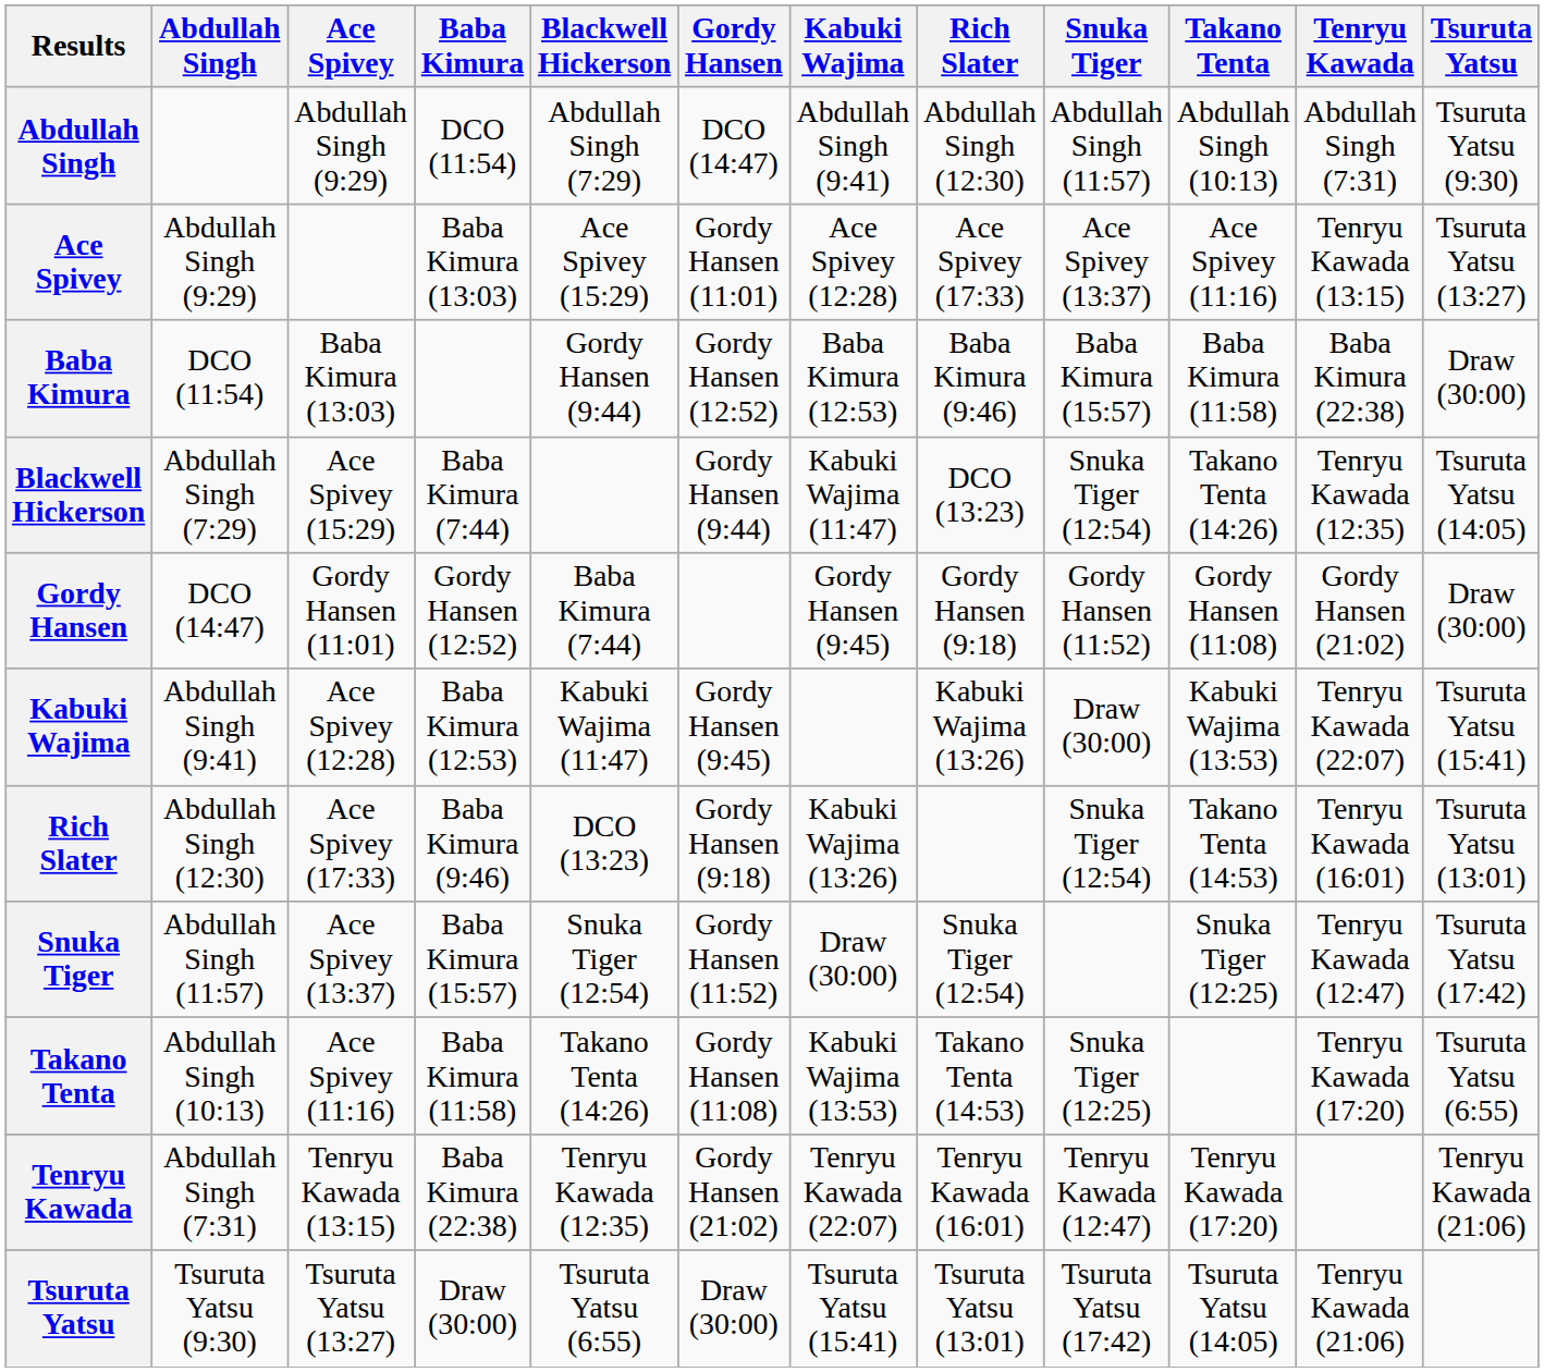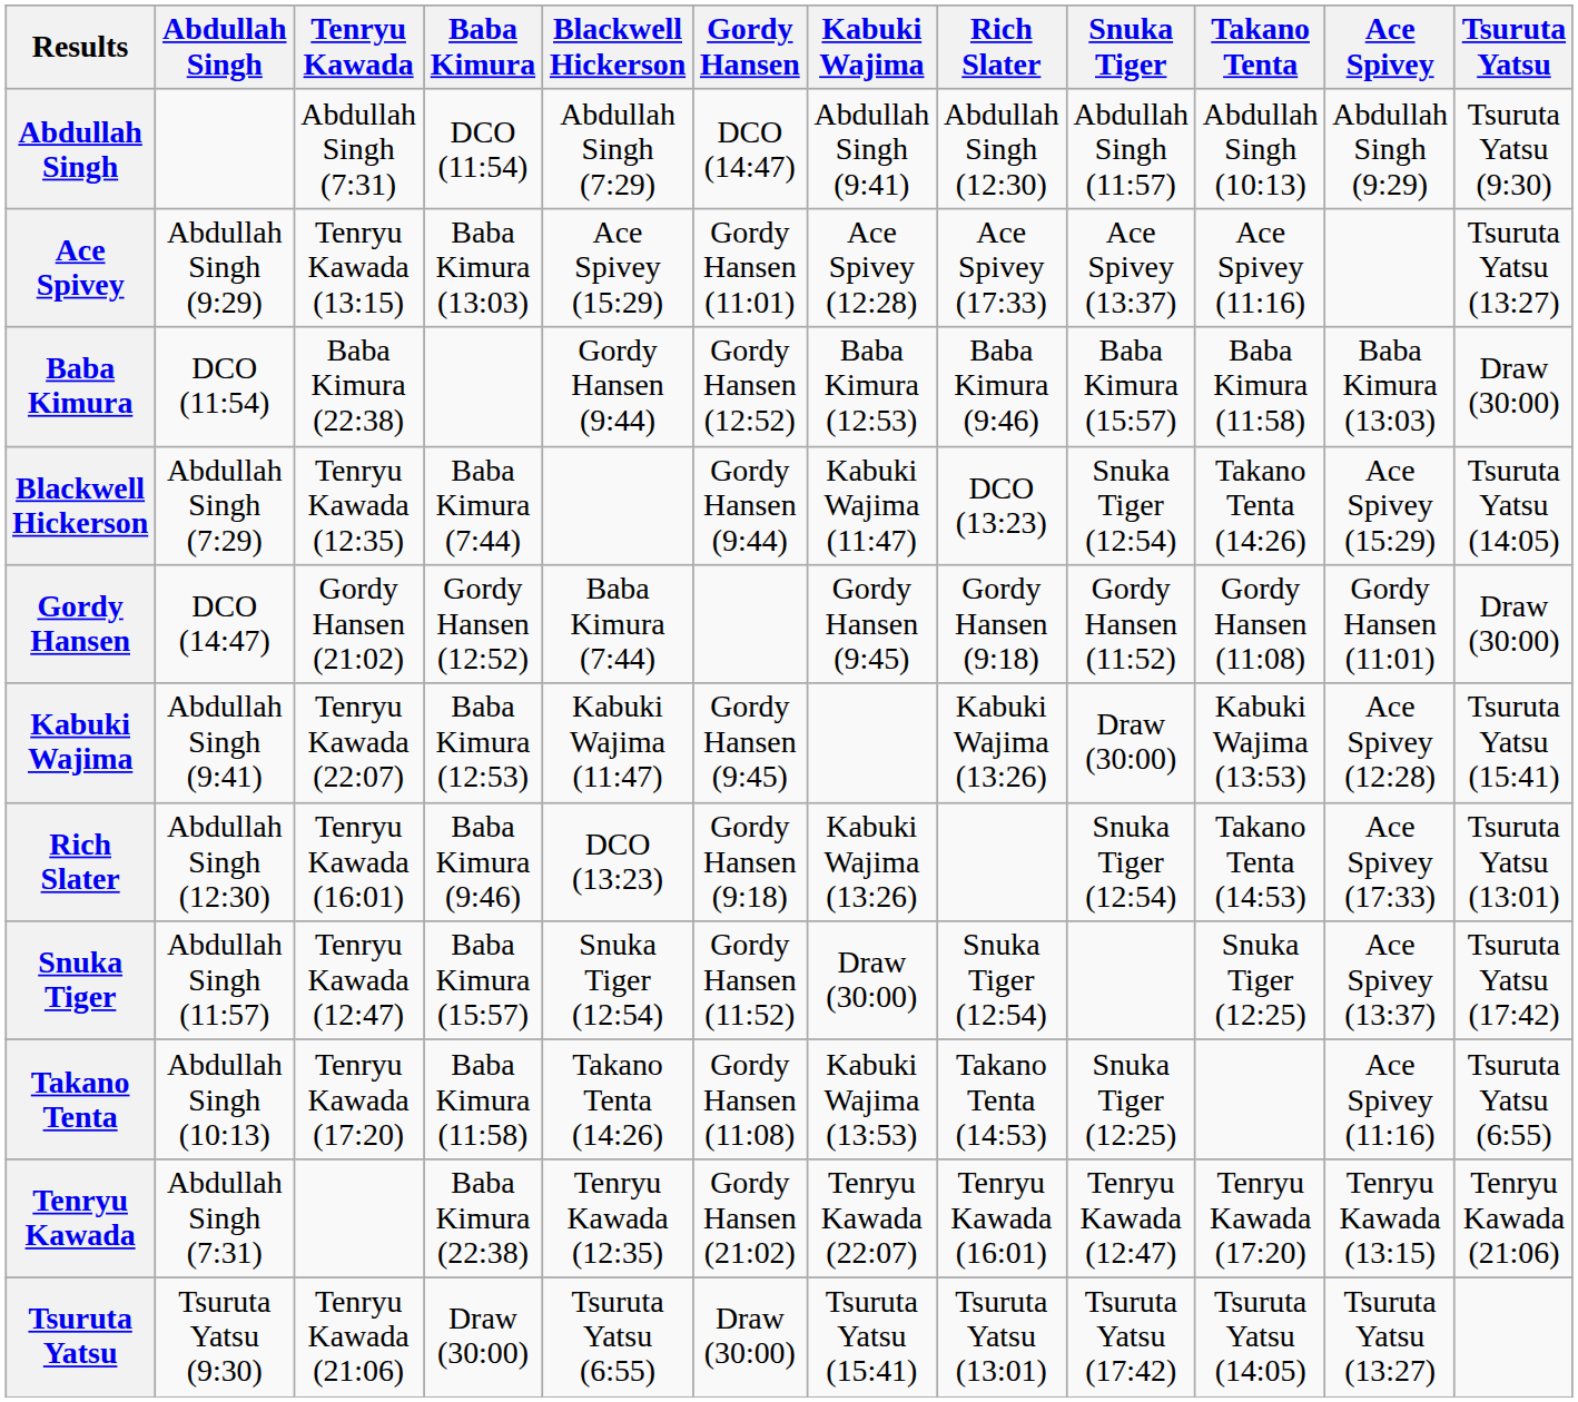 <table class="wikitable" style="text-align:center; margin: 1em auto 1em auto">
 <tr>
 <th>Results</th>
 <th><a href='#'>Abdullah</a><br><a href='#'>Singh</a></th>
-<th><a href='#'>Ace</a><br><a href='#'>Spivey</a></th>
+<th><a href='#'>Tenryu</a><br><a href='#'>Kawada</a></th>
 <th><a href='#'>Baba</a><br><a href='#'>Kimura</a></th>
 <th><a href='#'>Blackwell</a><br><a href='#'>Hickerson</a></th>
 <th><a href='#'>Gordy</a><br><a href='#'>Hansen</a></th>
 <th><a href='#'>Kabuki</a><br><a href='#'>Wajima</a></th>
 <th><a href='#'>Rich</a><br><a href='#'>Slater</a></th>
 <th><a href='#'>Snuka</a><br><a href='#'>Tiger</a></th>
 <th><a href='#'>Takano</a><br><a href='#'>Tenta</a></th>
-<th><a href='#'>Tenryu</a><br><a href='#'>Kawada</a></th>
+<th><a href='#'>Ace</a><br><a href='#'>Spivey</a></th>
 <th><a href='#'>Tsuruta</a><br><a href='#'>Yatsu</a></th>
 </tr>
 <tr>
 <th><a href='#'>Abdullah</a><br><a href='#'>Singh</a></th>
 <td></td>
-<td>Abdullah<br>Singh<br>(9:29)</td>
+<td>Abdullah<br>Singh<br>(7:31)</td>
 <td>DCO<br>(11:54)</td>
 <td>Abdullah<br>Singh<br>(7:29)</td>
 <td>DCO<br>(14:47)</td>
 <td>Abdullah<br>Singh<br>(9:41)</td>
 <td>Abdullah<br>Singh<br>(12:30)</td>
 <td>Abdullah<br>Singh<br>(11:57)</td>
 <td>Abdullah<br>Singh<br>(10:13)</td>
-<td>Abdullah<br>Singh<br>(7:31)</td>
+<td>Abdullah<br>Singh<br>(9:29)</td>
 <td>Tsuruta<br>Yatsu<br>(9:30)</td>
 </tr>
 <tr>
 <th><a href='#'>Ace</a><br><a href='#'>Spivey</a></th>
 <td>Abdullah<br>Singh<br>(9:29)</td>
-<td></td>
+<td>Tenryu<br>Kawada<br>(13:15)</td>
 <td>Baba<br>Kimura<br>(13:03)</td>
 <td>Ace<br>Spivey<br>(15:29)</td>
 <td>Gordy<br>Hansen<br>(11:01)</td>
 <td>Ace<br>Spivey<br>(12:28)</td>
 <td>Ace<br>Spivey<br>(17:33)</td>
 <td>Ace<br>Spivey<br>(13:37)</td>
 <td>Ace<br>Spivey<br>(11:16)</td>
-<td>Tenryu<br>Kawada<br>(13:15)</td>
+<td></td>
 <td>Tsuruta<br>Yatsu<br>(13:27)</td>
 </tr>
 <tr>
 <th><a href='#'>Baba</a><br><a href='#'>Kimura</a></th>
 <td>DCO<br>(11:54)</td>
-<td>Baba<br>Kimura<br>(13:03)</td>
+<td>Baba<br>Kimura<br>(22:38)</td>
 <td></td>
 <td>Gordy<br>Hansen<br>(9:44)</td>
 <td>Gordy<br>Hansen<br>(12:52)</td>
 <td>Baba<br>Kimura<br>(12:53)</td>
 <td>Baba<br>Kimura<br>(9:46)</td>
 <td>Baba<br>Kimura<br>(15:57)</td>
 <td>Baba<br>Kimura<br>(11:58)</td>
-<td>Baba<br>Kimura<br>(22:38)</td>
+<td>Baba<br>Kimura<br>(13:03)</td>
 <td>Draw<br>(30:00)</td>
 </tr>
 <tr>
 <th><a href='#'>Blackwell</a><br><a href='#'>Hickerson</a></th>
 <td>Abdullah<br>Singh<br>(7:29)</td>
-<td>Ace<br>Spivey<br>(15:29)</td>
+<td>Tenryu<br>Kawada<br>(12:35)</td>
 <td>Baba<br>Kimura<br>(7:44)</td>
 <td></td>
 <td>Gordy<br>Hansen<br>(9:44)</td>
 <td>Kabuki<br>Wajima<br>(11:47)</td>
 <td>DCO<br>(13:23)</td>
 <td>Snuka<br>Tiger<br>(12:54)</td>
 <td>Takano<br>Tenta<br>(14:26)</td>
-<td>Tenryu<br>Kawada<br>(12:35)</td>
+<td>Ace<br>Spivey<br>(15:29)</td>
 <td>Tsuruta<br>Yatsu<br>(14:05)</td>
 </tr>
 <tr>
 <th><a href='#'>Gordy</a><br><a href='#'>Hansen</a></th>
 <td>DCO<br>(14:47)</td>
-<td>Gordy<br>Hansen<br>(11:01)</td>
+<td>Gordy<br>Hansen<br>(21:02)</td>
 <td>Gordy<br>Hansen<br>(12:52)</td>
 <td>Baba<br>Kimura<br>(7:44)</td>
 <td></td>
 <td>Gordy<br>Hansen<br>(9:45)</td>
 <td>Gordy<br>Hansen<br>(9:18)</td>
 <td>Gordy<br>Hansen<br>(11:52)</td>
 <td>Gordy<br>Hansen<br>(11:08)</td>
-<td>Gordy<br>Hansen<br>(21:02)</td>
+<td>Gordy<br>Hansen<br>(11:01)</td>
 <td>Draw<br>(30:00)</td>
 </tr>
 <tr>
 <th><a href='#'>Kabuki</a><br><a href='#'>Wajima</a></th>
 <td>Abdullah<br>Singh<br>(9:41)</td>
-<td>Ace<br>Spivey<br>(12:28)</td>
+<td>Tenryu<br>Kawada<br>(22:07)</td>
 <td>Baba<br>Kimura<br>(12:53)</td>
 <td>Kabuki<br>Wajima<br>(11:47)</td>
 <td>Gordy<br>Hansen<br>(9:45)</td>
 <td></td>
 <td>Kabuki<br>Wajima<br>(13:26)</td>
 <td>Draw<br>(30:00)</td>
 <td>Kabuki<br>Wajima<br>(13:53)</td>
-<td>Tenryu<br>Kawada<br>(22:07)</td>
+<td>Ace<br>Spivey<br>(12:28)</td>
 <td>Tsuruta<br>Yatsu<br>(15:41)</td>
 </tr>
 <tr>
 <th><a href='#'>Rich</a><br><a href='#'>Slater</a></th>
 <td>Abdullah<br>Singh<br>(12:30)</td>
-<td>Ace<br>Spivey<br>(17:33)</td>
+<td>Tenryu<br>Kawada<br>(16:01)</td>
 <td>Baba<br>Kimura<br>(9:46)</td>
 <td>DCO<br>(13:23)</td>
 <td>Gordy<br>Hansen<br>(9:18)</td>
 <td>Kabuki<br>Wajima<br>(13:26)</td>
 <td></td>
 <td>Snuka<br>Tiger<br>(12:54)</td>
 <td>Takano<br>Tenta<br>(14:53)</td>
-<td>Tenryu<br>Kawada<br>(16:01)</td>
+<td>Ace<br>Spivey<br>(17:33)</td>
 <td>Tsuruta<br>Yatsu<br>(13:01)</td>
 </tr>
 <tr>
 <th><a href='#'>Snuka</a><br><a href='#'>Tiger</a></th>
 <td>Abdullah<br>Singh<br>(11:57)</td>
-<td>Ace<br>Spivey<br>(13:37)</td>
+<td>Tenryu<br>Kawada<br>(12:47)</td>
 <td>Baba<br>Kimura<br>(15:57)</td>
 <td>Snuka<br>Tiger<br>(12:54)</td>
 <td>Gordy<br>Hansen<br>(11:52)</td>
 <td>Draw<br>(30:00)</td>
 <td>Snuka<br>Tiger<br>(12:54)</td>
 <td></td>
 <td>Snuka<br>Tiger<br>(12:25)</td>
-<td>Tenryu<br>Kawada<br>(12:47)</td>
+<td>Ace<br>Spivey<br>(13:37)</td>
 <td>Tsuruta<br>Yatsu<br>(17:42)</td>
 </tr>
 <tr>
 <th><a href='#'>Takano</a><br><a href='#'>Tenta</a></th>
 <td>Abdullah<br>Singh<br>(10:13)</td>
-<td>Ace<br>Spivey<br>(11:16)</td>
+<td>Tenryu<br>Kawada<br>(17:20)</td>
 <td>Baba<br>Kimura<br>(11:58)</td>
 <td>Takano<br>Tenta<br>(14:26)</td>
 <td>Gordy<br>Hansen<br>(11:08)</td>
 <td>Kabuki<br>Wajima<br>(13:53)</td>
 <td>Takano<br>Tenta<br>(14:53)</td>
 <td>Snuka<br>Tiger<br>(12:25)</td>
 <td></td>
-<td>Tenryu<br>Kawada<br>(17:20)</td>
+<td>Ace<br>Spivey<br>(11:16)</td>
 <td>Tsuruta<br>Yatsu<br>(6:55)</td>
 </tr>
 <tr>
 <th><a href='#'>Tenryu</a><br><a href='#'>Kawada</a></th>
 <td>Abdullah<br>Singh<br>(7:31)</td>
-<td>Tenryu<br>Kawada<br>(13:15)</td>
+<td></td>
 <td>Baba<br>Kimura<br>(22:38)</td>
 <td>Tenryu<br>Kawada<br>(12:35)</td>
 <td>Gordy<br>Hansen<br>(21:02)</td>
 <td>Tenryu<br>Kawada<br>(22:07)</td>
 <td>Tenryu<br>Kawada<br>(16:01)</td>
 <td>Tenryu<br>Kawada<br>(12:47)</td>
 <td>Tenryu<br>Kawada<br>(17:20)</td>
-<td></td>
+<td>Tenryu<br>Kawada<br>(13:15)</td>
 <td>Tenryu<br>Kawada<br>(21:06)</td>
 </tr>
 <tr>
 <th><a href='#'>Tsuruta</a><br><a href='#'>Yatsu</a></th>
 <td>Tsuruta<br>Yatsu<br>(9:30)</td>
-<td>Tsuruta<br>Yatsu<br>(13:27)</td>
+<td>Tenryu<br>Kawada<br>(21:06)</td>
 <td>Draw<br>(30:00)</td>
 <td>Tsuruta<br>Yatsu<br>(6:55)</td>
 <td>Draw<br>(30:00)</td>
 <td>Tsuruta<br>Yatsu<br>(15:41)</td>
 <td>Tsuruta<br>Yatsu<br>(13:01)</td>
 <td>Tsuruta<br>Yatsu<br>(17:42)</td>
 <td>Tsuruta<br>Yatsu<br>(14:05)</td>
-<td>Tenryu<br>Kawada<br>(21:06)</td>
+<td>Tsuruta<br>Yatsu<br>(13:27)</td>
 <td></td>
 </tr>
 </table>
